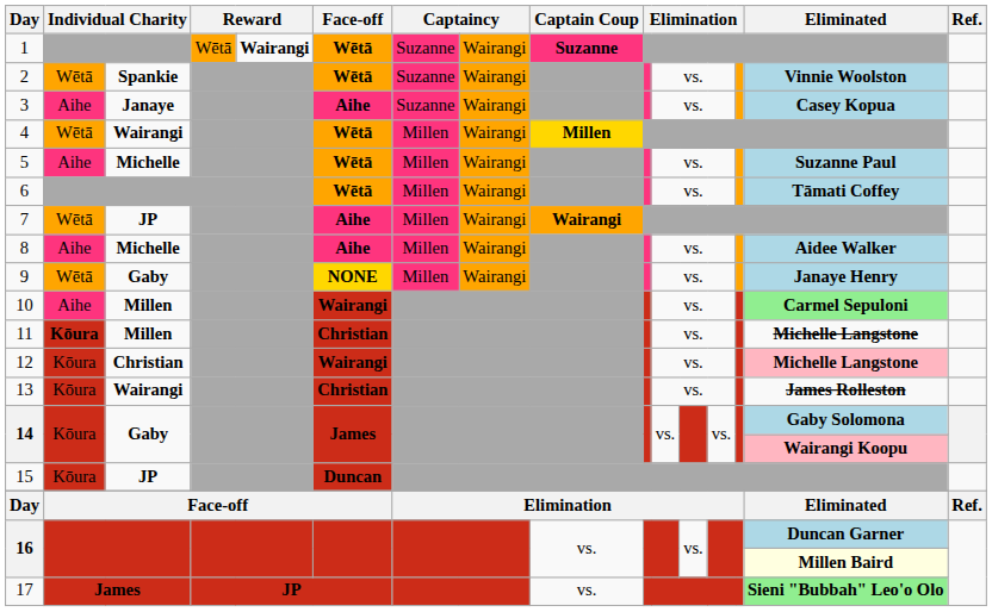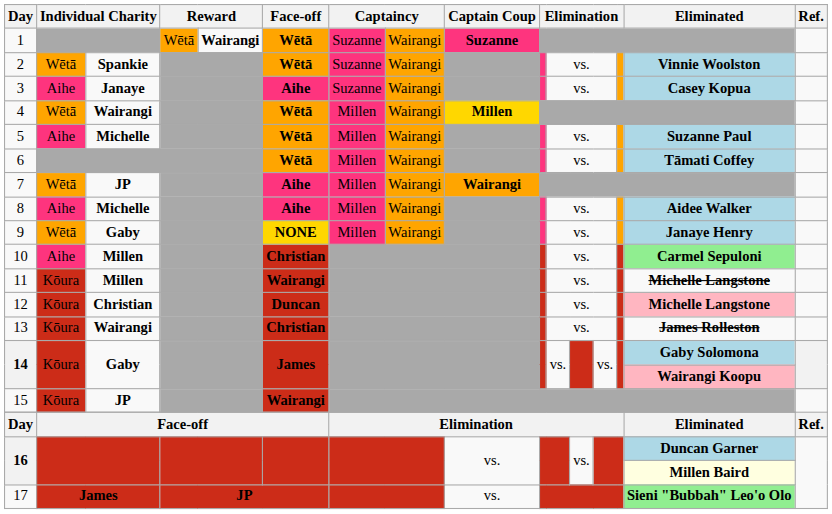 <table class="wikitable" border="2" style="text-align:center; font-size: 85%">
 <tr>
 <th>Day</th>
 <th colspan="2">Individual Charity</th>
 <th colspan="2">Reward</th>
 <th>Face-off</th>
 <th colspan="2">Captaincy</th>
 <th>Captain Coup</th>
 <th scope="col" colspan="5">Elimination</th>
 <th scope="col">Eliminated</th>
 <th scope="col">Ref.</th>
 </tr>
 <tr>
 <td>1</td>
 <td colspan="2"style="background:darkgrey;"></td>
 <td style="background: #FFA500">Wētā</td>
 <td><strong>Wairangi</strong></td>
 <td style="background: #FFA500"><strong>Wētā</strong></td>
 <td style="background: #FE347E">Suzanne</td>
 <td style="background: #FFA500">Wairangi</td>
 <td style="background: #FE347E"><strong>Suzanne</strong></td>
 <td colspan="6" style="background:darkgrey;"></td>
 <td></td>
 </tr>
 <tr>
 <td>2</td>
 <td style="background: #FFA500">Wētā</td>
 <td><strong>Spankie</strong></td>
 <td colspan="2" style="background:darkgrey;"></td>
 <td style="background: #FFA500"><strong>Wētā</strong></td>
 <td style="background: #FE347E">Suzanne</td>
 <td style="background: #FFA500">Wairangi</td>
 <td style="background:darkgrey;"></td>
 <td style="background: #FE347E"></td>
 <td colspan="3">vs.</td>
 <td style="background: #FFA500"></td>
 <td style="background:lightblue"><strong>Vinnie Woolston</strong></td>
 <td></td>
 </tr>
 <tr>
 <td>3</td>
 <td style="background: #FE347E">Aihe</td>
 <td><strong>Janaye</strong></td>
 <td colspan="2" style="background:darkgrey;"></td>
 <td style="background: #FE347E"><strong>Aihe</strong></td>
 <td style="background: #FE347E">Suzanne</td>
 <td style="background: #FFA500">Wairangi</td>
 <td style="background:darkgrey;"></td>
 <td style="background: #FE347E"></td>
 <td colspan="3">vs.</td>
 <td style="background: #FFA500"></td>
 <td style="background:lightblue"><strong>Casey Kopua</strong></td>
 <td></td>
 </tr>
 <tr>
 <td>4</td>
 <td style="background: #FFA500">Wētā</td>
 <td><strong>Wairangi</strong></td>
 <td colspan="2"style="background:darkgrey;"></td>
 <td style="background: #FFA500"><strong>Wētā</strong></td>
 <td style="background: #FE347E">Millen</td>
 <td style="background: #FFA500">Wairangi</td>
 <td style="background: Gold"><strong>Millen</strong></td>
 <td colspan="6" style="background:darkgrey;"></td>
 <td></td>
 </tr>
 <tr>
 <td>5</td>
 <td style="background: #FE347E">Aihe</td>
 <td><strong>Michelle</strong></td>
 <td colspan="2" style="background:darkgrey;"></td>
 <td style="background: #FFA500"><strong>Wētā</strong></td>
 <td style="background: #FE347E">Millen</td>
 <td style="background: #FFA500">Wairangi</td>
 <td style="background:darkgrey;"></td>
 <td style="background: #FE347E"></td>
 <td colspan="3">vs.</td>
 <td style="background: #FFA500"></td>
 <td style="background:lightblue"><strong>Suzanne Paul</strong></td>
 <td></td>
 </tr>
 <tr>
 <td>6</td>
 <td colspan="4" style="background:darkgrey;"></td>
 <td style="background: #FFA500"><strong>Wētā</strong></td>
 <td style="background: #FE347E">Millen</td>
 <td style="background: #FFA500">Wairangi</td>
 <td style="background:darkgrey;"></td>
 <td style="background: #FE347E"></td>
 <td colspan="3">vs.</td>
 <td style="background: #FFA500"></td>
 <td style="background:lightblue"><strong>Tāmati Coffey</strong></td>
 <td></td>
 </tr>
 <tr>
 <td>7</td>
 <td style="background: #FFA500">Wētā</td>
 <td><strong>JP</strong></td>
 <td colspan="2"style="background:darkgrey;"></td>
 <td style="background: #FE347E"><strong>Aihe</strong></td>
 <td style="background: #FE347E">Millen</td>
 <td style="background: #FFA500">Wairangi</td>
 <td style="background: #FFA500"><strong>Wairangi</strong></td>
 <td colspan="6" style="background:darkgrey;"></td>
 <td></td>
 </tr>
 <tr>
 <td>8</td>
 <td style="background: #FE347E">Aihe</td>
 <td><strong>Michelle</strong></td>
 <td colspan="2" style="background:darkgrey;"></td>
 <td style="background: #FE347E"><strong>Aihe</strong></td>
 <td style="background: #FE347E">Millen</td>
 <td style="background: #FFA500">Wairangi</td>
 <td style="background:darkgrey;"></td>
 <td style="background: #FE347E"></td>
 <td colspan="3">vs.</td>
 <td style="background: #FFA500"></td>
 <td style="background:lightblue"><strong>Aidee Walker</strong></td>
 <td></td>
 </tr>
 <tr>
 <td>9</td>
 <td style="background: #FFA500">Wētā</td>
 <td><strong>Gaby</strong></td>
 <td colspan="2"style="background:darkgrey;"></td>
 <td style="background: Gold"><strong>NONE </strong></td>
 <td style="background: #FE347E">Millen</td>
 <td style="background: #FFA500">Wairangi</td>
 <td style="background:darkgrey;"></td>
 <td style="background: #FE347E"></td>
 <td colspan="3">vs.</td>
 <td style="background: #FFA500"></td>
 <td style="background:lightblue"><strong>Janaye Henry</strong></td>
 <td></td>
 </tr>
 <tr>
 <td>10</td>
 <td style="background: #FE347E">Aihe</td>
 <td><strong>Millen</strong></td>
 <td colspan="2" style="background:darkgrey;"></td>
-<td style="background: #CC2C18"><strong>Wairangi</strong></td>
+<td style="background: #CC2C18"><strong>Christian</strong></td>
 <td colspan="3" style="background:darkgrey;"></td>
 <td style="background: #CC2C18"></td>
 <td colspan="3">vs.</td>
 <td style="background: #CC2C18"></td>
 <td style="background:lightgreen"><strong>Carmel Sepuloni</strong></td>
 <td></td>
 </tr>
 <tr>
 <td>11</td>
-<td style="background: #CC2C18"><strong>Kōura</strong></td>
+<td style="background: #CC2C18">Kōura</td>
 <td><strong>Millen</strong></td>
 <td colspan="2" style="background:darkgrey;"></td>
-<td style="background: #CC2C18"><strong>Christian</strong></td>
+<td style="background: #CC2C18"><strong>Wairangi</strong></td>
 <td colspan="3" style="background:darkgrey;"></td>
 <td style="background: #CC2C18"></td>
 <td colspan="3">vs.</td>
 <td style="background: #CC2C18"></td>
 <td><strong><s>Michelle Langstone</s></strong> </td>
 <td></td>
 </tr>
 <tr>
 <td>12</td>
 <td style="background: #CC2C18">Kōura</td>
 <td><strong>Christian</strong></td>
 <td colspan="2" style="background:darkgrey;"></td>
-<td style="background: #CC2C18"><strong>Wairangi</strong></td>
+<td style="background: #CC2C18"><strong>Duncan</strong></td>
 <td colspan="3" style="background:darkgrey;"></td>
 <td style="background: #CC2C18"></td>
 <td colspan="3">vs.</td>
 <td style="background: #CC2C18"></td>
 <td style="background:lightpink"><strong>Michelle Langstone</strong></td>
 <td></td>
 </tr>
 <tr>
 <td>13</td>
 <td style="background: #CC2C18">Kōura</td>
 <td><strong>Wairangi</strong></td>
 <td colspan="2" style="background:darkgrey;"></td>
 <td style="background: #CC2C18"><strong>Christian</strong></td>
 <td colspan="3" style="background:darkgrey;"></td>
 <td style="background: #CC2C18"></td>
 <td colspan="3">vs.</td>
 <td style="background: #CC2C18"></td>
 <td><strong><s>James Rolleston</s></strong> </td>
 </tr>
 <tr>
 <th rowspan="2" scope="row">14</th>
 <td rowspan="2" style="background: #CC2C18">Kōura</td>
 <td rowspan="2"><strong>Gaby</strong></td>
 <td rowspan="2" scope="row" colspan="2" style="background:darkgrey"></td>
 <td rowspan="2" scope="row" style="background:#CC2C18"><strong>James</strong></td>
 <td rowspan="2" scope="row" scope="col" colspan="3" style="background:darkgrey;"></td>
 <td rowspan="2" scope="row" scope="col" style="background:#CC2C18"></td>
 <td rowspan="2" scope="row" scope="col">vs.</td>
 <td rowspan="2" scope="row" scope="col" style="background:#CC2C18"></td>
 <td rowspan="2" scope="row" scope="col">vs.</td>
 <td rowspan="2" scope="row" scope="col" style="background:#CC2C18"></td>
 <td style="background:lightblue"><strong>Gaby Solomona</strong></td>
 <th rowspan="2" scope="row"></th>
 </tr>
 <tr>
 <td style="background:lightpink"><strong>Wairangi Koopu</strong></td>
 </tr>
 <tr>
 <td>15</td>
 <td style="background: #CC2C18">Kōura</td>
 <td><strong>JP</strong></td>
 <td colspan="2" style="background:darkgrey;"></td>
-<td style="background: #CC2C18"><strong>Duncan</strong></td>
+<td style="background: #CC2C18"><strong>Wairangi</strong></td>
 <td colspan="9" style="background:darkgrey;"></td>
 </tr>
 <tr>
 </tr>
 <tr>
 <th>Day</th>
 <th colspan="5">Face-off</th>
 <th colspan="8">Elimination</th>
 <th>Eliminated</th>
 <th>Ref.</th>
 </tr>
 <tr>
 <th rowspan="2">16</th>
 <td rowspan="2" scope="col" colspan="2" style="background:#CC2C18"><strong></strong></td>
 <td rowspan="2" scope="col" colspan="2" style="background:#CC2C18"><strong></strong></td>
 <td rowspan="2" scope="col" colspan="1" style="background:#CC2C18"><strong></strong></td>
 <td rowspan="2" scope="col" colspan="2" style="background:#CC2C18"></td>
 <td rowspan="2" scope="col" colspan="1">vs.</td>
 <td rowspan="2" scope="col" colspan="2" style="background:#CC2C18"></td>
 <td rowspan="2" scope="col" colspan="1">vs.</td>
 <td rowspan="2" scope="col" colspan="2" style="background:#CC2C18"></td>
 <td style="background:lightblue"><strong>Duncan Garner</strong></td>
 </tr>
 <tr>
 <td style="background:lightyellow"><strong>Millen Baird</strong></td>
 </tr>
 <tr>
 <td>17</td>
 <td colspan="2" style="background: #CC2C18"><strong>James</strong></td>
 <td colspan="3" style="background: #CC2C18"><strong>JP</strong></td>
 <td colspan="2" style="background: #CC2C18"></td>
 <td colspan="1">vs.</td>
 <td colspan="5" style="background: #CC2C18"></td>
 <td style="background:lightgreen"><strong>Sieni "Bubbah" Leo'o Olo</strong></td>
 </tr>
 </table>
